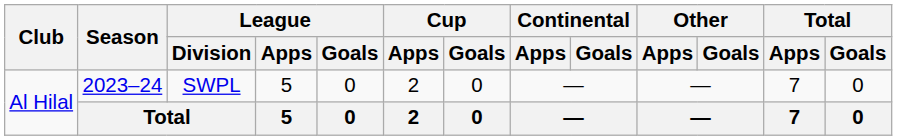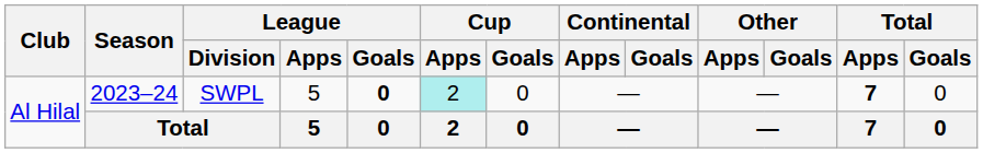 <table class="wikitable" style="text-align: center;">
 <tr>
 <th rowspan="2">Club</th>
 <th rowspan="2">Season</th>
 <th colspan="3">League</th>
 <th colspan="2">Cup</th>
 <th colspan="2">Continental</th>
 <th colspan="2">Other</th>
 <th colspan="2">Total</th>
 </tr>
 <tr>
 <th>Division</th>
 <th>Apps</th>
 <th>Goals</th>
 <th>Apps</th>
 <th>Goals</th>
 <th>Apps</th>
 <th>Goals</th>
 <th>Apps</th>
 <th>Goals</th>
 <th>Apps</th>
 <th>Goals</th>
 </tr>
 <tr>
 <td rowspan="2"><a href='#'>Al Hilal</a></td>
 <td><a href='#'>2023–24</a></td>
 <td><a href='#'>SWPL</a></td>
 <td>5</td>
-<td>0</td>
-<td>2</td>
+<td><strong>0</strong></td>
+<td style="background: paleturquoise;">2</td>
 <td>0</td>
 <td colspan="2">—</td>
 <td colspan="2">—</td>
-<td>7</td>
+<td><strong>7</strong></td>
 <td>0</td>
 </tr>
 <tr>
 <th colspan="2">Total</th>
 <th>5</th>
 <th>0</th>
 <th>2</th>
 <th>0</th>
 <th colspan="2">—</th>
 <th colspan="2">—</th>
 <th>7</th>
 <th>0</th>
 </tr>
 </table>
